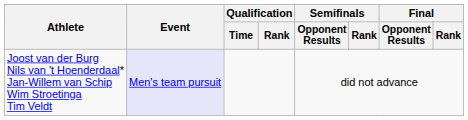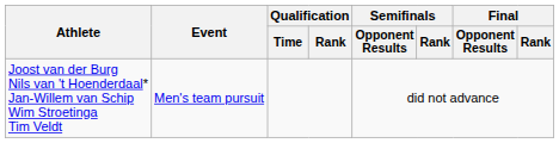 <table class="wikitable" style="font-size:90%">
 <tr>
 <th rowspan=2>Athlete</th>
 <th rowspan=2>Event</th>
 <th colspan=2>Qualification</th>
 <th colspan=2>Semifinals</th>
 <th colspan=2>Final</th>
 </tr>
 <tr style="font-size:95%">
 <th>Time</th>
 <th>Rank</th>
 <th>Opponent<br>Results</th>
 <th>Rank</th>
 <th>Opponent<br>Results</th>
 <th>Rank</th>
 </tr>
 <tr align=center>
 <td align=left><a href='#'>Joost van der Burg</a><br><a href='#'>Nils van 't Hoenderdaal</a>*<br><a href='#'>Jan-Willem van Schip</a><br><a href='#'>Wim Stroetinga</a><br><a href='#'>Tim Veldt</a></td>
-<td align=left style="background: lavender;"><a href='#'>Men's team pursuit</a></td>
+<td align=left><a href='#'>Men's team pursuit</a></td>
 <td colspan=2></td>
 <td colspan=4>did not advance</td>
 </tr>
 </table>
